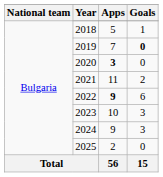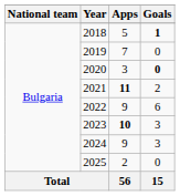 <table class=wikitable style=text-align:center>
 <tr>
 </tr>
 <tr>
 <th>National team</th>
 <th>Year</th>
 <th>Apps</th>
 <th>Goals</th>
 </tr>
 <tr>
 <td rowspan=9><a href='#'>Bulgaria</a></td>
 </tr>
 <tr>
 <td>2018</td>
 <td>5</td>
-<td>1</td>
+<td><strong>1</strong></td>
 </tr>
 <tr>
 <td>2019</td>
 <td>7</td>
+<td>0</td>
+</tr>
+<tr>
+<td>2020</td>
+<td>3</td>
 <td><strong>0</strong></td>
 </tr>
 <tr>
-<td>2020</td>
-<td><strong>3</strong></td>
-<td>0</td>
-</tr>
-<tr>
 <td>2021</td>
-<td>11</td>
+<td><strong>11</strong></td>
 <td>2</td>
 </tr>
 <tr>
 <td>2022</td>
-<td><strong>9</strong></td>
+<td>9</td>
 <td>6</td>
 </tr>
 <tr>
 <td>2023</td>
-<td>10</td>
+<td><strong>10</strong></td>
 <td>3</td>
 </tr>
 <tr>
 <td>2024</td>
 <td>9</td>
 <td>3</td>
 </tr>
 <tr>
 <td>2025</td>
 <td>2</td>
 <td>0</td>
 </tr>
 <tr>
 <th colspan="2">Total</th>
 <th>56</th>
 <th>15</th>
 </tr>
 </table>
